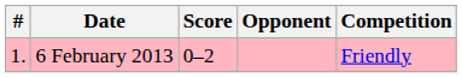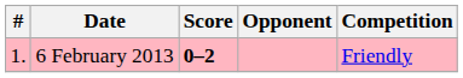 <table class="wikitable sortable">
 <tr>
 <th>#</th>
 <th>Date</th>
 <th>Score</th>
 <th>Opponent</th>
 <th>Competition</th>
 </tr>
 <tr style="background: #FFB6C1">
 <td>1.</td>
 <td>6 February 2013</td>
-<td>0–2</td>
+<td><strong>0–2</strong></td>
 <td></td>
 <td><a href='#'>Friendly</a></td>
 </tr>
 <tr>
 </tr>
 </table>
